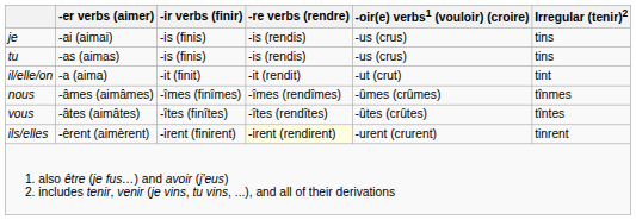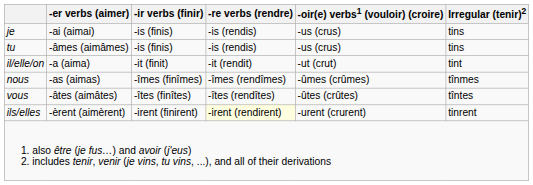 <table class="wikitable">
 <tr>
 <th> </th>
 <th>-er verbs (aimer)</th>
 <th>-ir verbs (finir)</th>
 <th>-re verbs (rendre)</th>
 <th>-oir(e) verbs<sup>1</sup> (vouloir) (croire)</th>
 <th>Irregular (tenir)<sup>2</sup></th>
 </tr>
 <tr>
 <td><em>je</em></td>
 <td>-ai (aimai)</td>
 <td>-is (finis)</td>
 <td>-is (rendis)</td>
 <td>-us (crus)</td>
 <td>tins</td>
 </tr>
 <tr ->
 <td><em>tu</em></td>
-<td>-as (aimas)</td>
+<td>-âmes (aimâmes)</td>
 <td>-is (finis)</td>
 <td>-is (rendis)</td>
 <td>-us (crus)</td>
 <td>tins</td>
 </tr>
 <tr ->
 <td><em>il/elle/on</em></td>
 <td>-a (aima)</td>
 <td>-it (finit)</td>
 <td>-it (rendit)</td>
 <td>-ut (crut)</td>
 <td>tint</td>
 </tr>
 <tr ->
 <td><em>nous</em></td>
-<td>-âmes (aimâmes)</td>
+<td>-as (aimas)</td>
 <td>-îmes (finîmes)</td>
 <td>-îmes (rendîmes)</td>
 <td>-ûmes (crûmes)</td>
 <td>tînmes</td>
 </tr>
 <tr ->
 <td><em>vous</em></td>
 <td>-âtes (aimâtes)</td>
 <td>-îtes (finîtes)</td>
 <td>-îtes (rendîtes)</td>
 <td>-ûtes (crûtes)</td>
 <td>tîntes</td>
 </tr>
 <tr ->
 <td><em>ils/elles</em></td>
 <td>-èrent (aimèrent)</td>
 <td>-irent (finirent)</td>
 <td style="background: lightyellow;">-irent (rendirent)</td>
 <td>-urent (crurent)</td>
 <td>tinrent</td>
 </tr>
 <tr>
 <td colspan="6"><br><ol><li>also <em>être</em> (<em>je fus…</em>) and <em>avoir</em> (<em>j'eus</em>)</li><li>includes <em>tenir</em>, <em>venir</em> (<em>je vins</em>, <em>tu vins</em>, ...), and all of their derivations</li></ol></td>
 </tr>
 </table>
